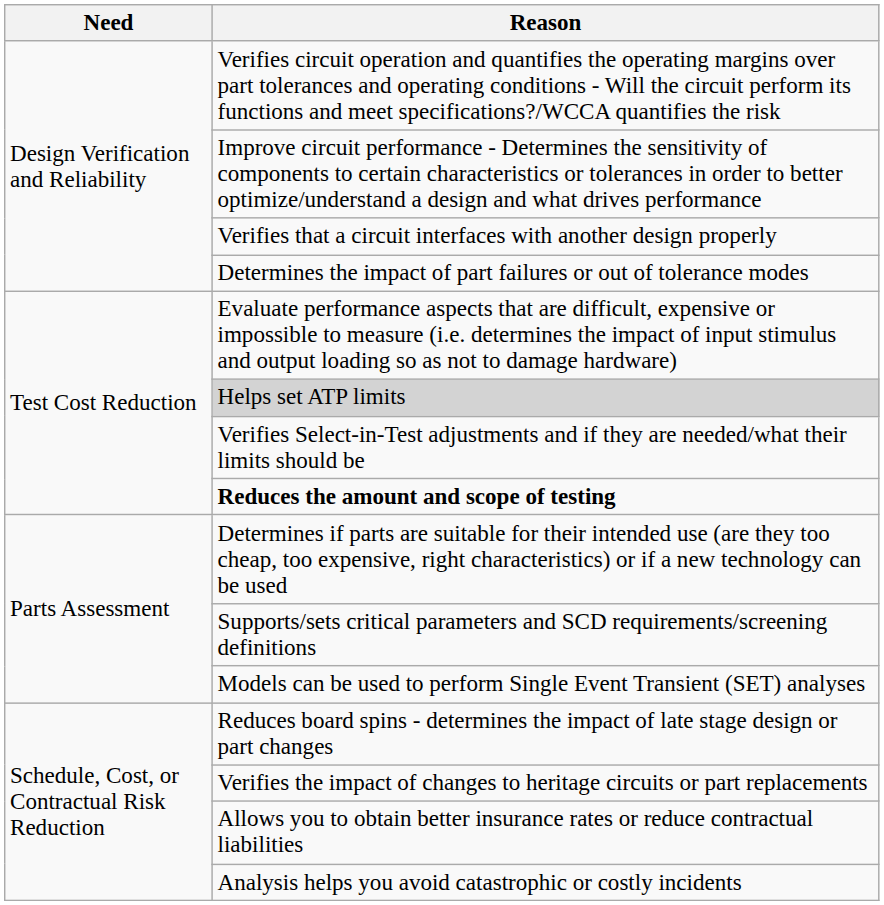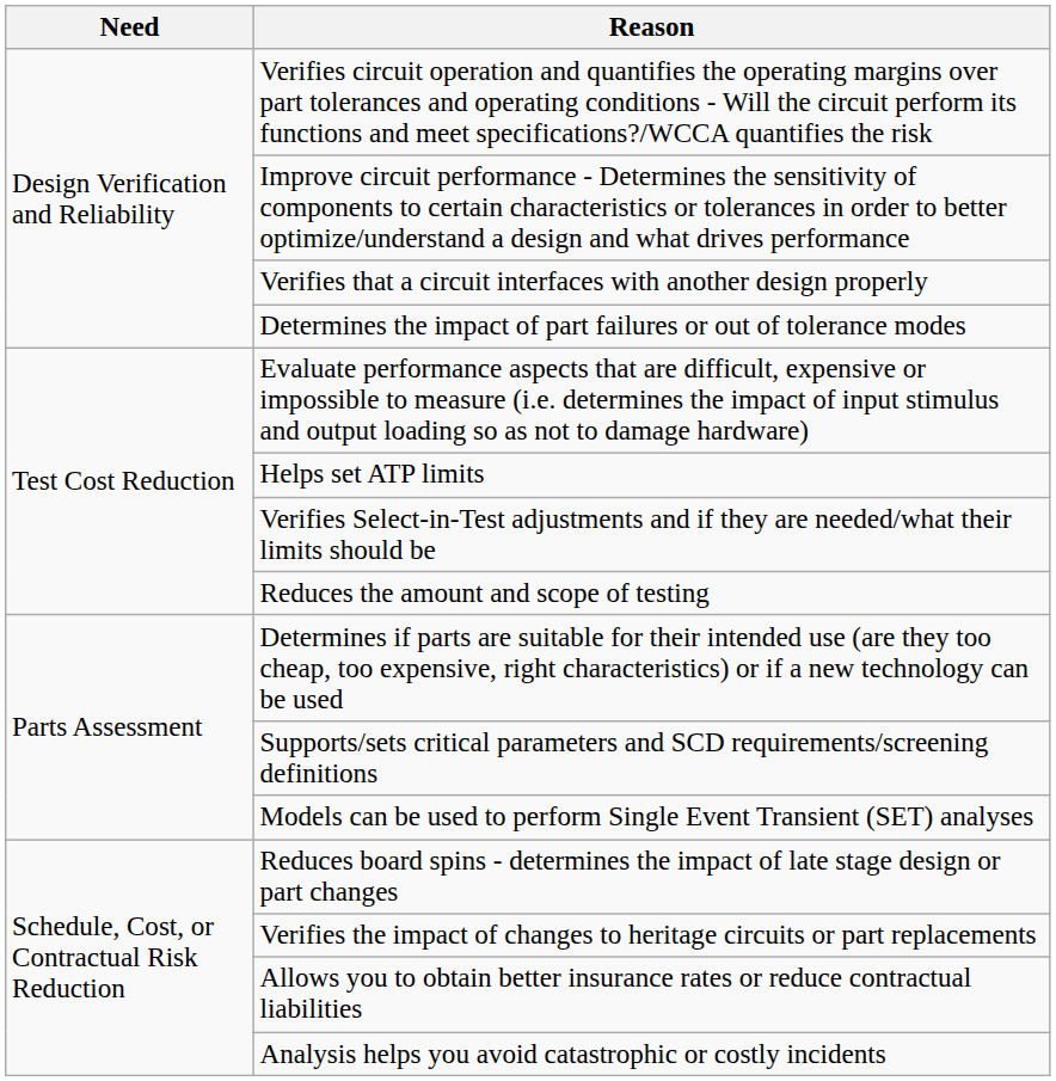 <table class="wikitable">
 <tr>
 <th>Need</th>
 <th>Reason</th>
 </tr>
 <tr>
 <td rowspan="4">Design Verification and Reliability</td>
 <td>Verifies circuit operation and quantifies the operating margins over part tolerances and operating conditions - Will the circuit perform its functions and meet specifications?/WCCA quantifies the risk</td>
 </tr>
 <tr>
 <td>Improve circuit performance - Determines the sensitivity of components to certain characteristics or tolerances in order to better optimize/understand a design and what drives performance</td>
 </tr>
 <tr>
 <td>Verifies that a circuit interfaces with another design properly</td>
 </tr>
 <tr>
 <td>Determines the impact of part failures or out of tolerance modes</td>
 </tr>
 <tr>
 <td rowspan="4">Test Cost Reduction</td>
 <td>Evaluate performance aspects that are difficult, expensive or impossible to measure (i.e. determines the impact of input stimulus and output loading so as not to damage hardware)</td>
 </tr>
 <tr>
-<td style="background: lightgrey;">Helps set ATP limits</td>
+<td>Helps set ATP limits</td>
 </tr>
 <tr>
 <td>Verifies Select-in-Test adjustments and if they are needed/what their limits should be</td>
 </tr>
 <tr>
-<td><strong>Reduces the amount and scope of testing</strong></td>
+<td>Reduces the amount and scope of testing</td>
 </tr>
 <tr>
 <td rowspan="3">Parts Assessment</td>
 <td>Determines if parts are suitable for their intended use (are they too cheap, too expensive, right characteristics) or if a new technology can be used</td>
 </tr>
 <tr>
 <td>Supports/sets critical parameters and SCD requirements/screening definitions</td>
 </tr>
 <tr>
 <td>Models can be used to perform Single Event Transient (SET) analyses</td>
 </tr>
 <tr>
 <td rowspan="4">Schedule, Cost, or Contractual Risk Reduction</td>
 <td>Reduces board spins - determines the impact of late stage design or part changes</td>
 </tr>
 <tr>
 <td>Verifies the impact of changes to heritage circuits or part replacements</td>
 </tr>
 <tr>
 <td>Allows you to obtain better insurance rates or reduce contractual liabilities</td>
 </tr>
 <tr>
 <td>Analysis helps you avoid catastrophic or costly incidents</td>
 </tr>
 </table>
